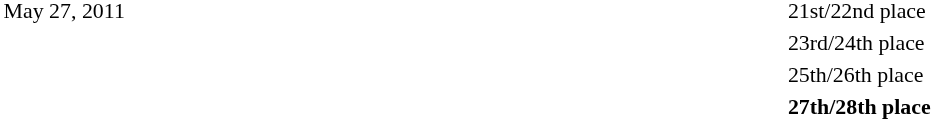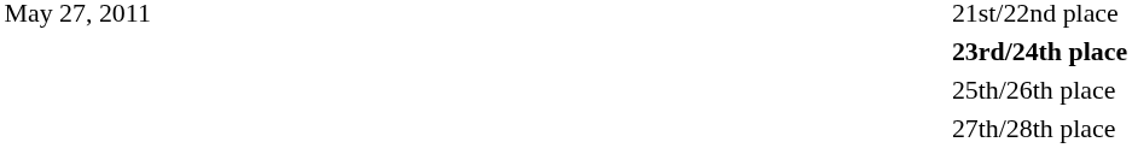 <table style="font-size:90%">
 <tr>
 <td width=100>May 27, 2011</td>
 <td width=150 align=right></td>
 <td width=100 align=center></td>
 <td width=150><strong></strong></td>
 <td width=100>21st/22nd place</td>
 </tr>
 <tr>
 <td></td>
 <td width=150 align=right></td>
 <td width=100 align=center></td>
 <td width=150><strong></strong></td>
-<td width=100>23rd/24th place</td>
+<td width=100><strong>23rd/24th place</strong></td>
 </tr>
 <tr>
 <td></td>
 <td width=150 align=right></td>
 <td width=100 align=center></td>
 <td width=150><strong></strong></td>
 <td width=100>25th/26th place</td>
 </tr>
 <tr>
 <td></td>
 <td width=150 align=right></td>
 <td width=100 align=center></td>
 <td width=150><strong></strong></td>
-<td width=100><strong>27th/28th place</strong></td>
+<td width=100>27th/28th place</td>
 </tr>
 </table>
